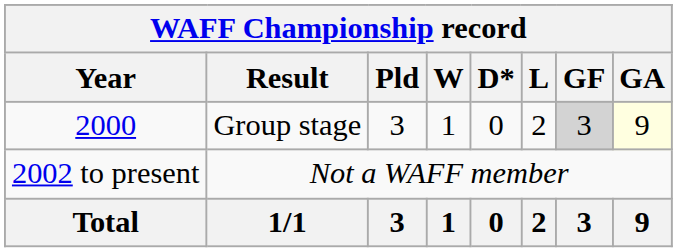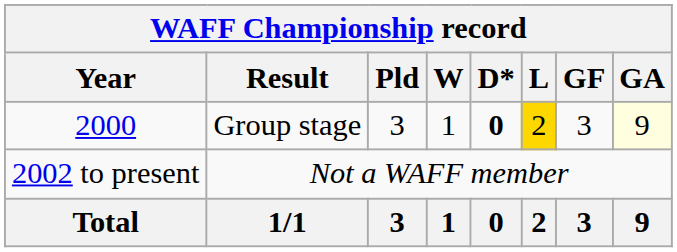 <table class="wikitable" style="text-align: center;">
 <tr>
 <th colspan=8><a href='#'>WAFF Championship</a> record</th>
 </tr>
 <tr>
 <th>Year</th>
 <th>Result</th>
 <th>Pld</th>
 <th>W</th>
 <th>D*</th>
 <th>L</th>
 <th>GF</th>
 <th>GA</th>
 </tr>
 <tr>
 <td> <a href='#'>2000</a></td>
 <td>Group stage</td>
 <td>3</td>
 <td>1</td>
-<td>0</td>
-<td>2</td>
-<td style="background: lightgrey;">3</td>
+<td><strong>0</strong></td>
+<td style="background: gold;">2</td>
+<td>3</td>
 <td style="background: lightyellow;">9</td>
 </tr>
 <tr>
 <td> <a href='#'>2002</a> to present</td>
 <td colspan=7><em>Not a WAFF member</em></td>
 </tr>
 <tr>
 <th>Total</th>
 <th>1/1</th>
 <th>3</th>
 <th>1</th>
 <th>0</th>
 <th>2</th>
 <th>3</th>
 <th>9</th>
 </tr>
 </table>
